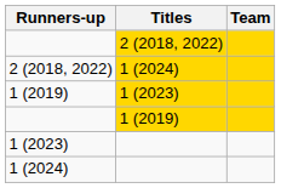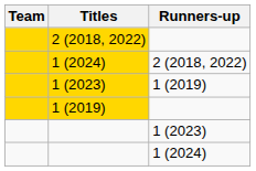 <table class=wikitable>
 <tr>
+<th>Team</th>
+<th>Titles</th>
 <th>Runners-up</th>
-<th>Titles</th>
-<th>Team</th>
+</tr>
+<tr>
+<td bgcolor=gold></td>
+<td bgcolor=gold>2 (2018, 2022)</td>
+<td></td>
+</tr>
+<tr>
+<td bgcolor=gold></td>
+<td bgcolor=gold>1 (2024)</td>
+<td>2 (2018, 2022)</td>
+</tr>
+<tr>
+<td bgcolor=gold></td>
+<td bgcolor=gold>1 (2023)</td>
+<td>1 (2019)</td>
+</tr>
+<tr>
+<td bgcolor=gold></td>
+<td bgcolor=gold>1 (2019)</td>
+<td></td>
 </tr>
 <tr>
 <td></td>
-<td bgcolor=gold>2 (2018, 2022)</td>
-<td bgcolor=gold></td>
-</tr>
-<tr>
-<td>2 (2018, 2022)</td>
-<td bgcolor=gold>1 (2024)</td>
-<td bgcolor=gold></td>
-</tr>
-<tr>
-<td>1 (2019)</td>
-<td bgcolor=gold>1 (2023)</td>
-<td bgcolor=gold></td>
+<td></td>
+<td>1 (2023)</td>
 </tr>
 <tr>
 <td></td>
-<td bgcolor=gold>1 (2019)</td>
-<td bgcolor=gold></td>
-</tr>
-<tr>
-<td>1 (2023)</td>
 <td></td>
-<td></td>
-</tr>
-<tr>
 <td>1 (2024)</td>
-<td></td>
-<td></td>
 </tr>
 </table>
